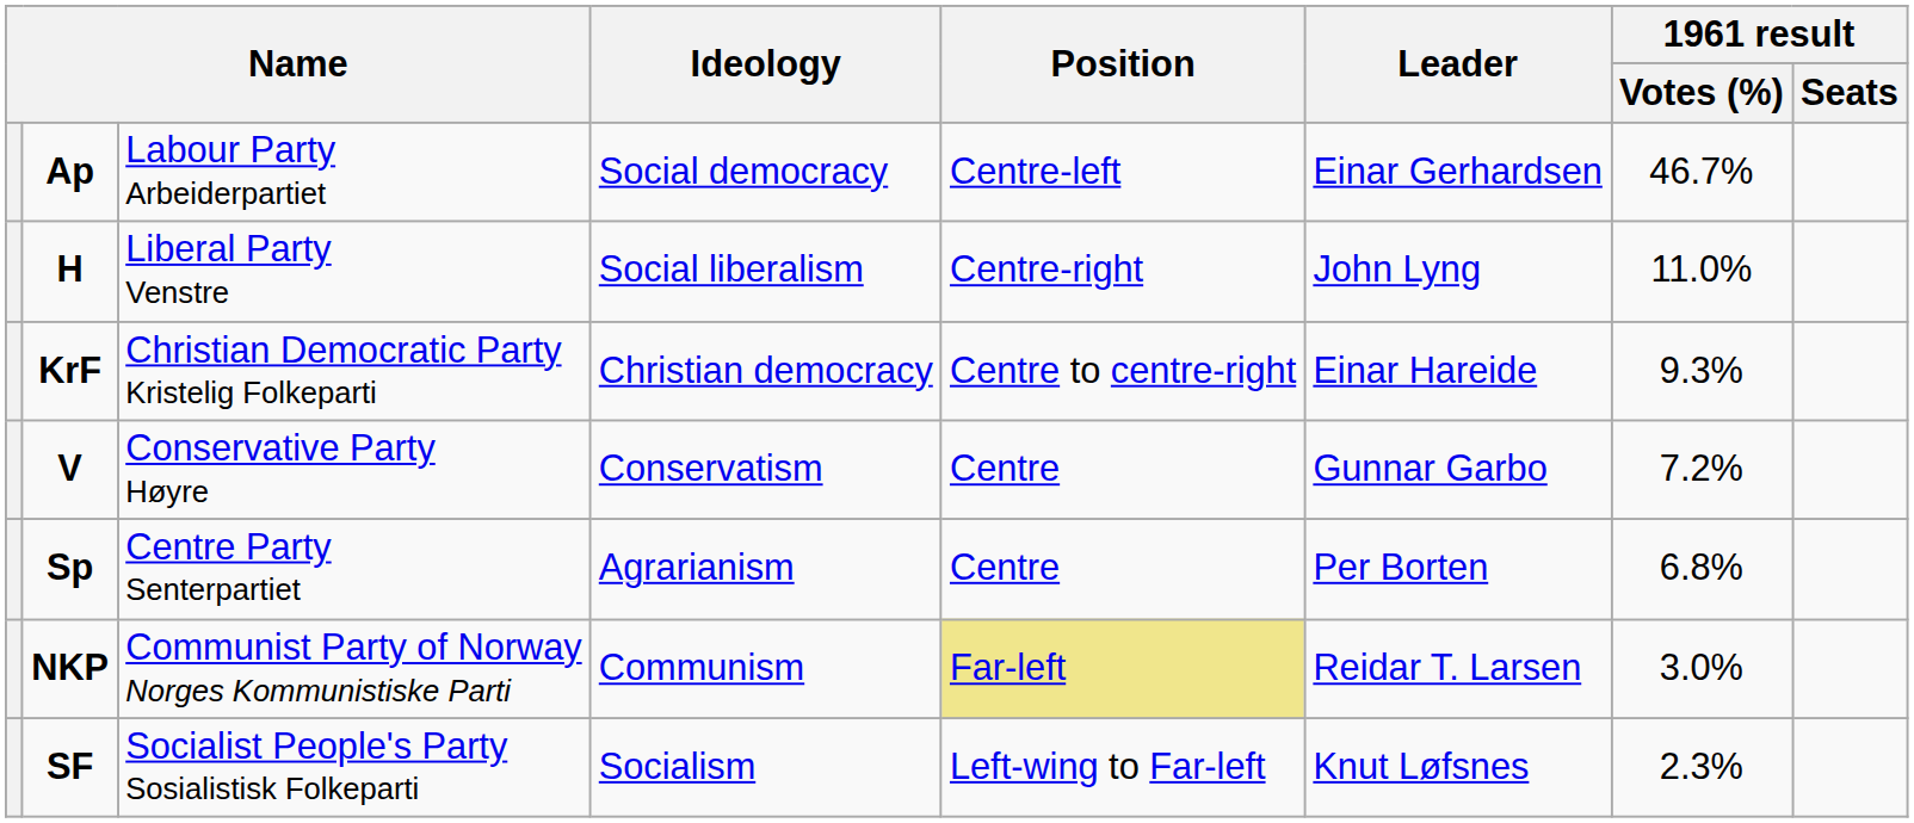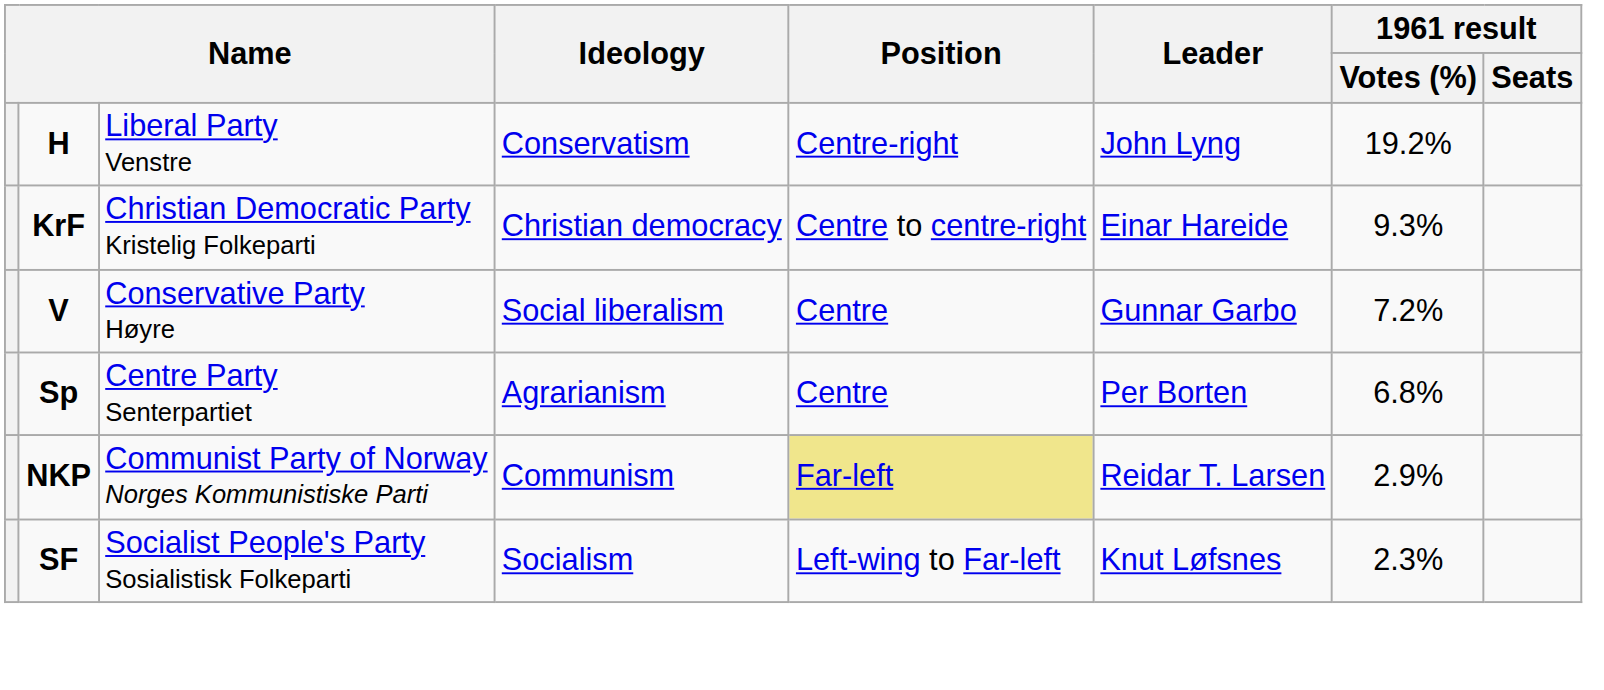 <table class="wikitable">
 <tr>
 <th rowspan=2 colspan=3 width=225px>Name</th>
 <th rowspan=2>Ideology</th>
 <th rowspan=2>Position</th>
 <th rowspan=2>Leader</th>
 <th colspan=2>1961 result</th>
 </tr>
 <tr>
 <th>Votes (%)</th>
 <th>Seats</th>
 </tr>
 <tr>
 <th style="background:"></th>
-<td align=center><strong>Ap</strong></td>
-<td><a href='#'>Labour Party</a><br><small>Arbeiderpartiet</small></td>
-<td><a href='#'>Social democracy</a></td>
-<td><a href='#'>Centre-left</a></td>
-<td><a href='#'>Einar Gerhardsen</a></td>
-<td align=center>46.7%</td>
-<td></td>
-</tr>
-<tr>
-<th style="background:"></th>
 <td align=center><strong>H</strong></td>
 <td><a href='#'>Liberal Party</a><br><small>Venstre</small></td>
-<td><a href='#'>Social liberalism</a></td>
+<td><a href='#'>Conservatism</a></td>
 <td><a href='#'>Centre-right</a></td>
 <td><a href='#'>John Lyng</a></td>
-<td align=center>11.0%</td>
+<td align=center>19.2%</td>
 <td></td>
 </tr>
 <tr>
 <th style="background:"></th>
 <td align="center"><strong>KrF</strong></td>
 <td><a href='#'>Christian Democratic Party</a><br><small>Kristelig Folkeparti</small></td>
 <td><a href='#'>Christian democracy</a></td>
 <td><a href='#'>Centre</a> to <a href='#'>centre-right</a></td>
 <td><a href='#'>Einar Hareide</a></td>
 <td align="center">9.3%</td>
 <td></td>
 </tr>
 <tr>
 <th style="background:"></th>
 <td align="center"><strong>V</strong></td>
 <td><a href='#'>Conservative Party</a><br><small>Høyre</small></td>
-<td><a href='#'>Conservatism</a></td>
+<td><a href='#'>Social liberalism</a></td>
 <td><a href='#'>Centre</a></td>
 <td><a href='#'>Gunnar Garbo</a></td>
 <td align="center">7.2%</td>
 <td></td>
 </tr>
 <tr>
 <th style="background:"></th>
 <td align="center"><strong>Sp</strong></td>
 <td><a href='#'>Centre Party</a><br><small>Senterpartiet</small></td>
 <td><a href='#'>Agrarianism</a></td>
 <td><a href='#'>Centre</a></td>
 <td><a href='#'>Per Borten</a></td>
 <td align="center">6.8%</td>
 <td></td>
 </tr>
 <tr>
 <th style="background:"></th>
 <td align="center"><strong>NKP</strong></td>
 <td><a href='#'>Communist Party of Norway</a><br><small><em>Norges Kommunistiske Parti</em></small></td>
 <td><a href='#'>Communism</a></td>
 <td style="background: khaki;"><a href='#'>Far-left</a></td>
 <td><a href='#'>Reidar T. Larsen</a></td>
-<td align="center">3.0%</td>
+<td align="center">2.9%</td>
 <td></td>
 </tr>
 <tr>
 <th style="background:"></th>
 <td align="center"><strong>SF</strong></td>
 <td><a href='#'>Socialist People's Party</a><br><small>Sosialistisk Folkeparti</small></td>
 <td><a href='#'>Socialism</a></td>
 <td><a href='#'>Left-wing</a> to <a href='#'>Far-left</a></td>
 <td><a href='#'>Knut Løfsnes</a></td>
 <td align="center">2.3%</td>
 <td></td>
 </tr>
 </table>
